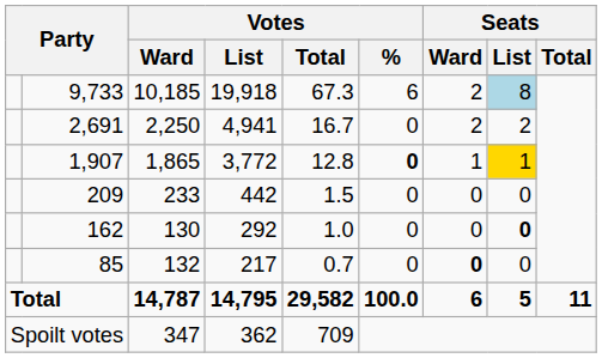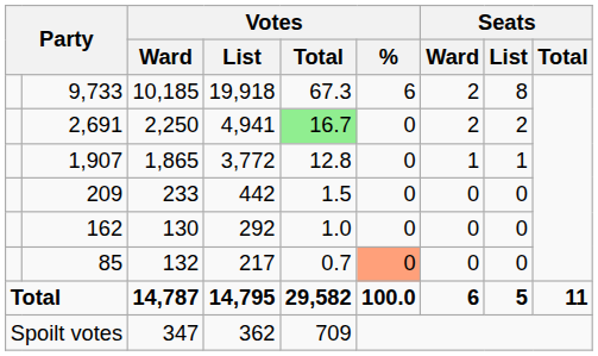 <table class=wikitable style="text-align:right">
 <tr>
 <th rowspan="2" colspan="2">Party</th>
 <th colspan="4" align="center">Votes</th>
 <th colspan="3" align="center">Seats</th>
 </tr>
 <tr>
 <th>Ward</th>
 <th>List</th>
 <th>Total</th>
 <th>%</th>
 <th>Ward</th>
 <th>List</th>
 <th>Total</th>
 </tr>
 <tr>
 <td></td>
 <td>9,733</td>
 <td>10,185</td>
 <td>19,918</td>
 <td>67.3</td>
 <td>6</td>
 <td>2</td>
-<td style="background: lightblue;">8</td>
+<td>8</td>
 </tr>
 <tr>
 <td></td>
 <td>2,691</td>
 <td>2,250</td>
 <td>4,941</td>
-<td>16.7</td>
+<td style="background: lightgreen;">16.7</td>
 <td>0</td>
 <td>2</td>
 <td>2</td>
 </tr>
 <tr>
 <td></td>
 <td>1,907</td>
 <td>1,865</td>
 <td>3,772</td>
 <td>12.8</td>
-<td><strong>0</strong></td>
+<td>0</td>
 <td>1</td>
-<td style="background: gold;">1</td>
+<td>1</td>
 </tr>
 <tr>
 <td></td>
 <td>209</td>
 <td>233</td>
 <td>442</td>
 <td>1.5</td>
 <td>0</td>
 <td>0</td>
 <td>0</td>
 </tr>
 <tr>
 <td></td>
 <td>162</td>
 <td>130</td>
 <td>292</td>
 <td>1.0</td>
 <td>0</td>
 <td>0</td>
-<td><strong>0</strong></td>
+<td>0</td>
 </tr>
 <tr>
 <td></td>
 <td>85</td>
 <td>132</td>
 <td>217</td>
 <td>0.7</td>
+<td style="background: lightsalmon;">0</td>
 <td>0</td>
-<td><strong>0</strong></td>
 <td>0</td>
 </tr>
 <tr>
 <td colspan="2" style="text-align:left"><strong>Total</strong></td>
 <td><strong>14,787</strong></td>
 <td><strong>14,795</strong></td>
 <td><strong>29,582</strong></td>
 <td><strong>100.0</strong></td>
 <td><strong>6</strong></td>
 <td><strong>5</strong></td>
 <td><strong>11</strong></td>
 </tr>
 <tr>
 <td colspan="2" style="text-align:left">Spoilt votes</td>
 <td>347</td>
 <td>362</td>
 <td>709</td>
 </tr>
 </table>
